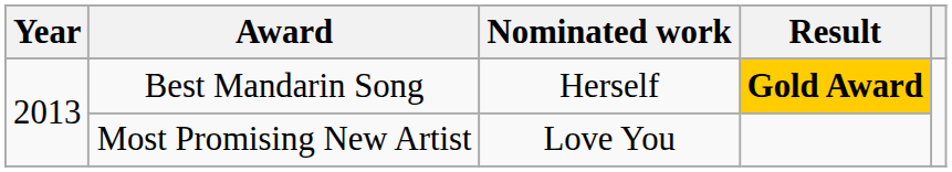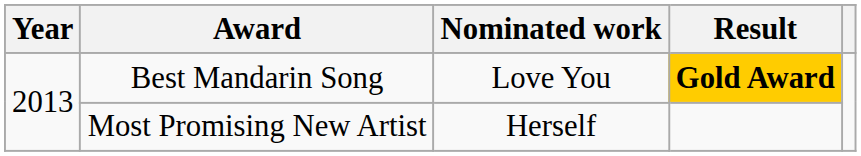 <table class="wikitable">
 <tr>
 <th>Year</th>
 <th>Award</th>
 <th>Nominated work</th>
 <th>Result</th>
 <th class="unsortable"></th>
 </tr>
 <tr align="center">
 <td rowspan="2">2013</td>
 <td>Best Mandarin Song</td>
-<td>Herself</td>
+<td>Love You</td>
 <td style="background:#fc0;"><strong><div>Gold Award</div></strong></td>
 <td rowspan="2"></td>
 </tr>
 <tr align="center">
 <td>Most Promising New Artist</td>
-<td>Love You</td>
+<td>Herself</td>
 <td></td>
 </tr>
 </table>
